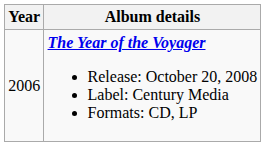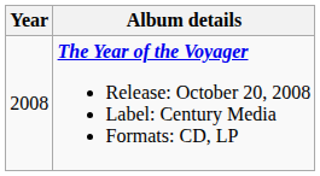 <table class ="wikitable">
 <tr>
 <th scope="col">Year</th>
 <th scope="col">Album details</th>
 </tr>
 <tr>
-<td align="center">2006</td>
+<td align="center">2008</td>
 <td><strong><em><a href='#'>The Year of the Voyager</a></em></strong><br><ul><li>Release: October 20, 2008</li><li>Label: Century Media</li><li>Formats: CD, LP</li></ul></td>
 </tr>
 </table>
